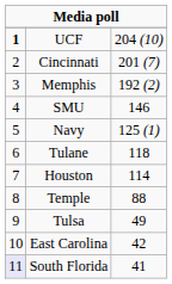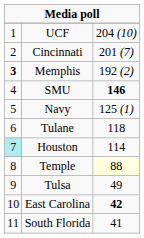 <table class="wikitable">
 <tr align="center">
 <td align="center" Colspan="3"><strong>Media poll</strong></td>
 </tr>
 <tr align="center">
 </tr>
 <tr align="center">
-<td><strong>1</strong></td>
+<td>1</td>
 <td>UCF</td>
 <td>204 <em>(10)</em></td>
 </tr>
 <tr align="center">
 <td>2</td>
 <td>Cincinnati</td>
 <td>201 <em>(7)</em></td>
 </tr>
 <tr align="center">
-<td>3</td>
+<td><strong>3</strong></td>
 <td>Memphis</td>
 <td>192 <em>(2)</em></td>
 </tr>
 <tr align="center">
 <td>4</td>
 <td>SMU</td>
-<td>146</td>
+<td><strong>146</strong></td>
 </tr>
 <tr align="center">
 <td>5</td>
 <td>Navy</td>
 <td>125 <em>(1)</em></td>
 </tr>
 <tr align="center">
 <td>6</td>
 <td>Tulane</td>
 <td>118</td>
 </tr>
 <tr align="center">
-<td>7</td>
+<td style="background: paleturquoise;">7</td>
 <td>Houston</td>
 <td>114</td>
 </tr>
 <tr align="center">
 <td>8</td>
 <td>Temple</td>
-<td>88</td>
+<td style="background: lightyellow;">88</td>
 </tr>
 <tr align="center">
 <td>9</td>
 <td>Tulsa</td>
 <td>49</td>
 </tr>
 <tr align="center">
 <td>10</td>
 <td>East Carolina</td>
-<td>42</td>
+<td><strong>42</strong></td>
 </tr>
 <tr align="center">
-<td style="background: lavender;">11</td>
+<td>11</td>
 <td>South Florida</td>
 <td>41</td>
 </tr>
 </table>
